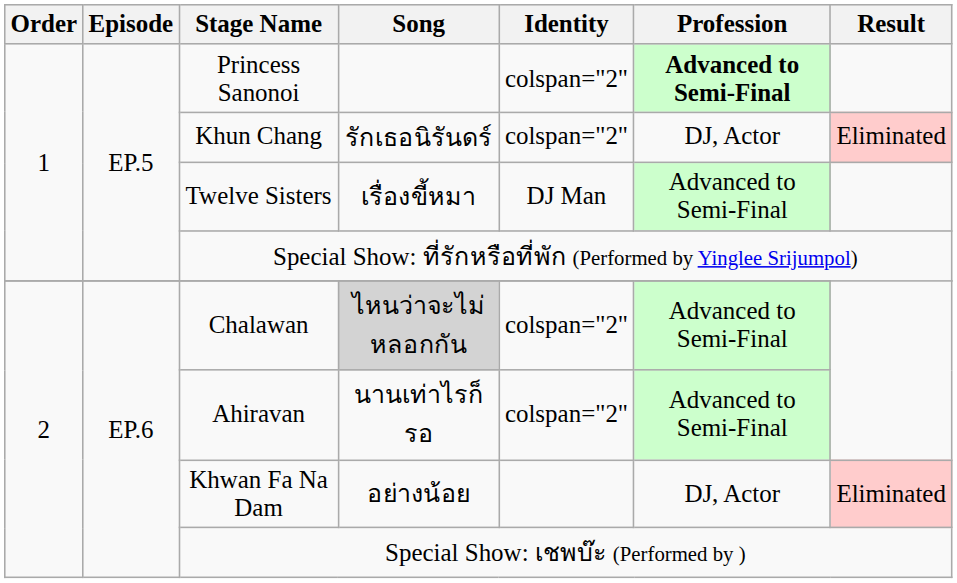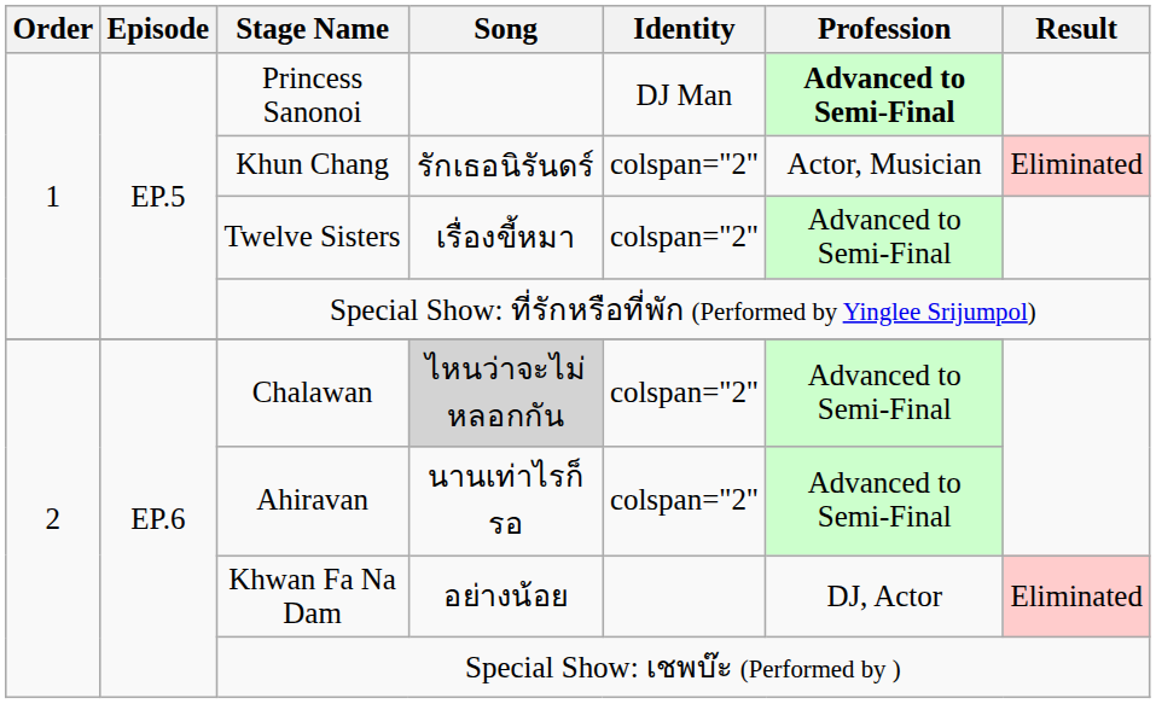 <table class="wikitable" style="text-align:center">
 <tr>
 <th>Order</th>
 <th>Episode</th>
 <th>Stage Name</th>
 <th>Song</th>
 <th>Identity</th>
 <th>Profession</th>
 <th>Result</th>
 </tr>
 <tr>
 <td rowspan="4">1</td>
 <td rowspan="4">EP.5</td>
 <td>Princess Sanonoi</td>
 <td></td>
-<td>colspan="2"  </td>
+<td>DJ Man</td>
 <td style="text-align:center; background:#ccffcc;"><strong>Advanced to Semi-Final</strong></td>
 </tr>
 <tr>
 <td>Khun Chang</td>
 <td>รักเธอนิรันดร์</td>
 <td>colspan="2"  </td>
-<td>DJ, Actor</td>
+<td>Actor, Musician</td>
 <td style="text-align:center; background:#ffcccc;">Eliminated</td>
 </tr>
 <tr>
 <td>Twelve Sisters</td>
 <td>เรื่องขี้หมา</td>
-<td>DJ Man</td>
+<td>colspan="2"  </td>
 <td style="text-align:center; background:#ccffcc;">Advanced to Semi-Final</td>
 </tr>
 <tr>
 <td colspan="5">Special Show: ที่รักหรือที่พัก <small>(Performed by <a href='#'>Yinglee Srijumpol</a>)</small></td>
 </tr>
 <tr>
 </tr>
 <tr>
 </tr>
 <tr>
 </tr>
 <tr>
 </tr>
 <tr>
 <td rowspan="4">2</td>
 <td rowspan="4">EP.6</td>
 <td>Chalawan</td>
 <td style="background: lightgrey;">ไหนว่าจะไม่หลอกกัน</td>
 <td>colspan="2"  </td>
 <td style="text-align:center; background:#ccffcc;">Advanced to Semi-Final</td>
 </tr>
 <tr>
 <td>Ahiravan</td>
 <td>นานเท่าไรก็รอ</td>
 <td>colspan="2"  </td>
 <td style="text-align:center; background:#ccffcc;">Advanced to Semi-Final</td>
 </tr>
 <tr>
 <td>Khwan Fa Na Dam</td>
 <td>อย่างน้อย</td>
 <td></td>
 <td>DJ, Actor</td>
 <td style="text-align:center; background:#ffcccc;">Eliminated</td>
 </tr>
 <tr>
 <td colspan="5">Special Show: เชพบ๊ะ <small>(Performed by )</small></td>
 </tr>
 </table>
